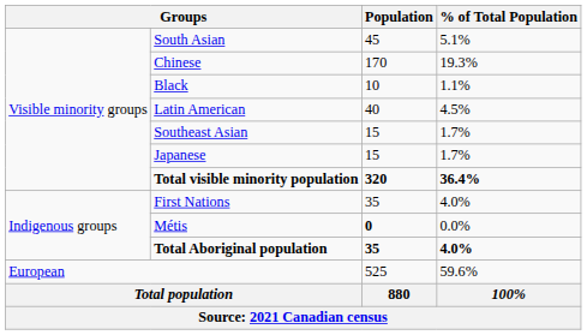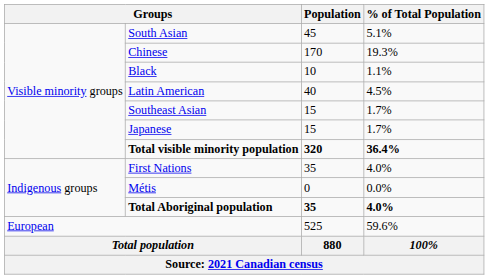 <table class="wikitable">
 <tr>
 <th colspan="2">Groups</th>
 <th>Population</th>
 <th>% of Total Population</th>
 </tr>
 <tr>
 <td rowspan="7"><a href='#'>Visible minority</a> groups</td>
 <td><a href='#'>South Asian</a></td>
 <td>45</td>
 <td>5.1%</td>
 </tr>
 <tr>
 <td><a href='#'>Chinese</a></td>
 <td>170</td>
 <td>19.3%</td>
 </tr>
 <tr>
 <td><a href='#'>Black</a></td>
 <td>10</td>
 <td>1.1%</td>
 </tr>
 <tr>
 <td><a href='#'>Latin American</a></td>
 <td>40</td>
 <td>4.5%</td>
 </tr>
 <tr>
 <td><a href='#'>Southeast Asian</a></td>
 <td>15</td>
 <td>1.7%</td>
 </tr>
 <tr>
 <td><a href='#'>Japanese</a></td>
 <td>15</td>
 <td>1.7%</td>
 </tr>
 <tr>
 <td><strong>Total visible minority population</strong></td>
 <td><strong>320</strong></td>
 <td><strong>36.4%</strong></td>
 </tr>
 <tr>
 <td rowspan="3"><a href='#'>Indigenous</a> groups</td>
 <td><a href='#'>First Nations</a></td>
 <td>35</td>
 <td>4.0%</td>
 </tr>
 <tr>
 <td><a href='#'>Métis</a></td>
-<td><strong>0</strong></td>
+<td>0</td>
 <td>0.0%</td>
 </tr>
 <tr>
 <td><strong>Total Aboriginal population</strong></td>
 <td><strong>35</strong></td>
 <td><strong>4.0%</strong></td>
 </tr>
 <tr>
 <td colspan="2"><a href='#'>European</a></td>
 <td>525</td>
 <td>59.6%</td>
 </tr>
 <tr>
 <th colspan="2"><strong><em>Total population</em></strong></th>
 <th>880</th>
 <th><strong><em>100%</em></strong></th>
 </tr>
 <tr>
 <th colspan="4">Source: <a href='#'>2021 Canadian census</a></th>
 </tr>
 </table>
